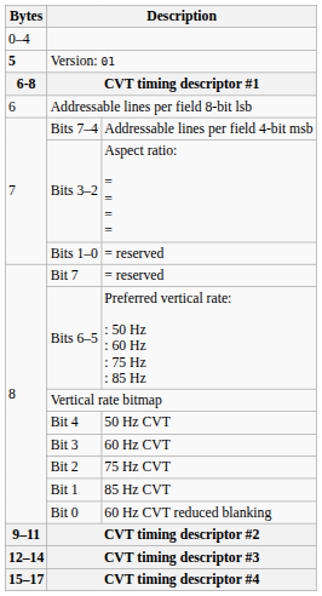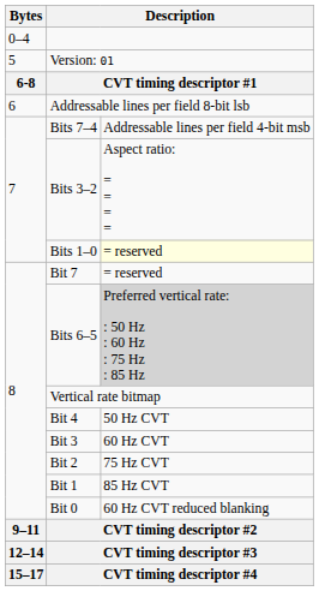 <table class=wikitable>
 <tr>
 <th>Bytes</th>
 <th colspan=2>Description</th>
 </tr>
 <tr>
 <td>0–4</td>
 <td colspan=2>  </td>
 </tr>
 <tr>
-<td><strong>5</strong></td>
+<td>5</td>
 <td colspan=2>Version: <code>01</code></td>
 </tr>
 <tr>
 <th>6-8</th>
 <th colspan=2>CVT timing descriptor #1</th>
 </tr>
 <tr>
 <td>6</td>
 <td colspan=2>Addressable lines per field 8-bit lsb</td>
 </tr>
 <tr>
 <td rowspan=3>7</td>
 <td>Bits 7–4</td>
 <td>Addressable lines per field 4-bit msb</td>
 </tr>
 <tr>
 <td>Bits 3–2</td>
 <td>Aspect ratio:<br><br> = <br>  = <br>  = <br>  = </td>
 </tr>
 <tr>
 <td>Bits 1–0</td>
-<td> = reserved</td>
+<td style="background: lightyellow;"> = reserved</td>
 </tr>
 <tr>
 <td rowspan=8>8</td>
 <td>Bit 7</td>
 <td> = reserved</td>
 </tr>
 <tr>
 <td>Bits 6–5</td>
-<td>Preferred vertical rate:<br><br>: 50 Hz<br> : 60 Hz<br> : 75 Hz<br> : 85 Hz</td>
+<td style="background: lightgrey;">Preferred vertical rate:<br><br>: 50 Hz<br> : 60 Hz<br> : 75 Hz<br> : 85 Hz</td>
 </tr>
 <tr>
 <td colspan=2>Vertical rate bitmap</td>
 </tr>
 <tr>
 <td>Bit 4</td>
 <td>50 Hz CVT</td>
 </tr>
 <tr>
 <td>Bit 3</td>
 <td>60 Hz CVT</td>
 </tr>
 <tr>
 <td>Bit 2</td>
 <td>75 Hz CVT</td>
 </tr>
 <tr>
 <td>Bit 1</td>
 <td>85 Hz CVT</td>
 </tr>
 <tr>
 <td>Bit 0</td>
 <td>60 Hz CVT reduced blanking</td>
 </tr>
 <tr>
 <th>9–11</th>
 <th colspan=2>CVT timing descriptor #2</th>
 </tr>
 <tr>
 <th>12–14</th>
 <th colspan=2>CVT timing descriptor #3</th>
 </tr>
 <tr>
 <th>15–17</th>
 <th colspan=2>CVT timing descriptor #4</th>
 </tr>
 </table>
